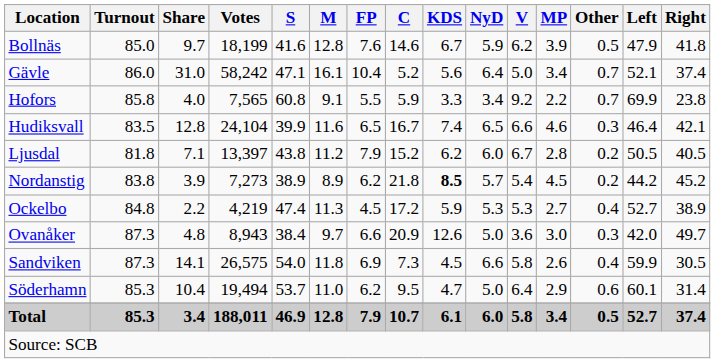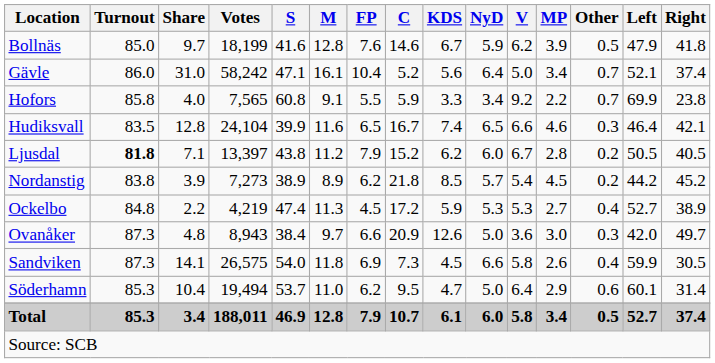 <table class="wikitable sortable" style=text-align:right>
 <tr>
 <th>Location</th>
 <th>Turnout</th>
 <th>Share</th>
 <th>Votes</th>
 <th><a href='#'>S</a></th>
 <th><a href='#'>M</a></th>
 <th><a href='#'>FP</a></th>
 <th><a href='#'>C</a></th>
 <th><a href='#'>KDS</a></th>
 <th><a href='#'>NyD</a></th>
 <th><a href='#'>V</a></th>
 <th><a href='#'>MP</a></th>
 <th>Other</th>
 <th>Left</th>
 <th>Right</th>
 </tr>
 <tr>
 <td align=left><a href='#'>Bollnäs</a></td>
 <td>85.0</td>
 <td>9.7</td>
 <td>18,199</td>
 <td>41.6</td>
 <td>12.8</td>
 <td>7.6</td>
 <td>14.6</td>
 <td>6.7</td>
 <td>5.9</td>
 <td>6.2</td>
 <td>3.9</td>
 <td>0.5</td>
 <td>47.9</td>
 <td>41.8</td>
 </tr>
 <tr>
 <td align=left><a href='#'>Gävle</a></td>
 <td>86.0</td>
 <td>31.0</td>
 <td>58,242</td>
 <td>47.1</td>
 <td>16.1</td>
 <td>10.4</td>
 <td>5.2</td>
 <td>5.6</td>
 <td>6.4</td>
 <td>5.0</td>
 <td>3.4</td>
 <td>0.7</td>
 <td>52.1</td>
 <td>37.4</td>
 </tr>
 <tr>
 <td align=left><a href='#'>Hofors</a></td>
 <td>85.8</td>
 <td>4.0</td>
 <td>7,565</td>
 <td>60.8</td>
 <td>9.1</td>
 <td>5.5</td>
 <td>5.9</td>
 <td>3.3</td>
 <td>3.4</td>
 <td>9.2</td>
 <td>2.2</td>
 <td>0.7</td>
 <td>69.9</td>
 <td>23.8</td>
 </tr>
 <tr>
 <td align=left><a href='#'>Hudiksvall</a></td>
 <td>83.5</td>
 <td>12.8</td>
 <td>24,104</td>
 <td>39.9</td>
 <td>11.6</td>
 <td>6.5</td>
 <td>16.7</td>
 <td>7.4</td>
 <td>6.5</td>
 <td>6.6</td>
 <td>4.6</td>
 <td>0.3</td>
 <td>46.4</td>
 <td>42.1</td>
 </tr>
 <tr>
 <td align=left><a href='#'>Ljusdal</a></td>
-<td>81.8</td>
+<td><strong>81.8</strong></td>
 <td>7.1</td>
 <td>13,397</td>
 <td>43.8</td>
 <td>11.2</td>
 <td>7.9</td>
 <td>15.2</td>
 <td>6.2</td>
 <td>6.0</td>
 <td>6.7</td>
 <td>2.8</td>
 <td>0.2</td>
 <td>50.5</td>
 <td>40.5</td>
 </tr>
 <tr>
 <td align=left><a href='#'>Nordanstig</a></td>
 <td>83.8</td>
 <td>3.9</td>
 <td>7,273</td>
 <td>38.9</td>
 <td>8.9</td>
 <td>6.2</td>
 <td>21.8</td>
-<td><strong>8.5</strong></td>
+<td>8.5</td>
 <td>5.7</td>
 <td>5.4</td>
 <td>4.5</td>
 <td>0.2</td>
 <td>44.2</td>
 <td>45.2</td>
 </tr>
 <tr>
 <td align=left><a href='#'>Ockelbo</a></td>
 <td>84.8</td>
 <td>2.2</td>
 <td>4,219</td>
 <td>47.4</td>
 <td>11.3</td>
 <td>4.5</td>
 <td>17.2</td>
 <td>5.9</td>
 <td>5.3</td>
 <td>5.3</td>
 <td>2.7</td>
 <td>0.4</td>
 <td>52.7</td>
 <td>38.9</td>
 </tr>
 <tr>
 <td align=left><a href='#'>Ovanåker</a></td>
 <td>87.3</td>
 <td>4.8</td>
 <td>8,943</td>
 <td>38.4</td>
 <td>9.7</td>
 <td>6.6</td>
 <td>20.9</td>
 <td>12.6</td>
 <td>5.0</td>
 <td>3.6</td>
 <td>3.0</td>
 <td>0.3</td>
 <td>42.0</td>
 <td>49.7</td>
 </tr>
 <tr>
 <td align=left><a href='#'>Sandviken</a></td>
 <td>87.3</td>
 <td>14.1</td>
 <td>26,575</td>
 <td>54.0</td>
 <td>11.8</td>
 <td>6.9</td>
 <td>7.3</td>
 <td>4.5</td>
 <td>6.6</td>
 <td>5.8</td>
 <td>2.6</td>
 <td>0.4</td>
 <td>59.9</td>
 <td>30.5</td>
 </tr>
 <tr>
 <td align=left><a href='#'>Söderhamn</a></td>
 <td>85.3</td>
 <td>10.4</td>
 <td>19,494</td>
 <td>53.7</td>
 <td>11.0</td>
 <td>6.2</td>
 <td>9.5</td>
 <td>4.7</td>
 <td>5.0</td>
 <td>6.4</td>
 <td>2.9</td>
 <td>0.6</td>
 <td>60.1</td>
 <td>31.4</td>
 </tr>
 <tr>
 </tr>
 <tr style="background:#CDCDCD;">
 <td align=left><strong>Total</strong></td>
 <td><strong>85.3</strong></td>
 <td><strong>3.4</strong></td>
 <td><strong>188,011</strong></td>
 <td><strong>46.9</strong></td>
 <td><strong>12.8</strong></td>
 <td><strong>7.9</strong></td>
 <td><strong>10.7</strong></td>
 <td><strong>6.1</strong></td>
 <td><strong>6.0</strong></td>
 <td><strong>5.8</strong></td>
 <td><strong>3.4</strong></td>
 <td><strong>0.5</strong></td>
 <td><strong>52.7</strong></td>
 <td><strong>37.4</strong></td>
 </tr>
 <tr>
 <td align=left colspan=15>Source: SCB </td>
 </tr>
 </table>
